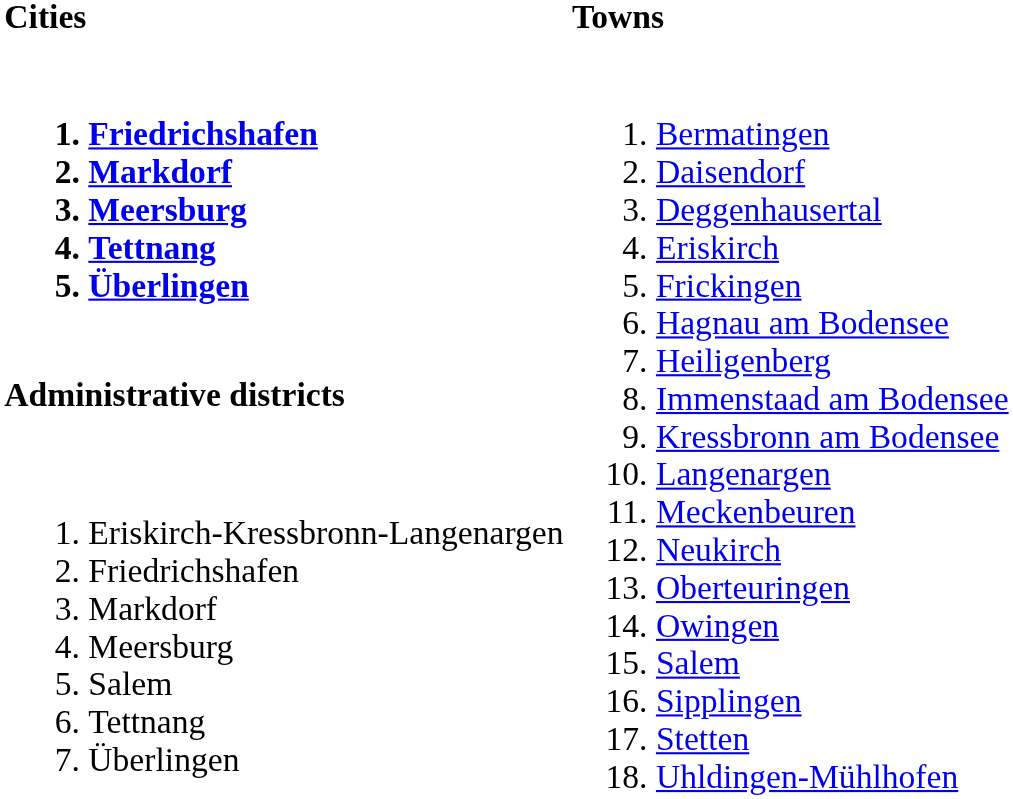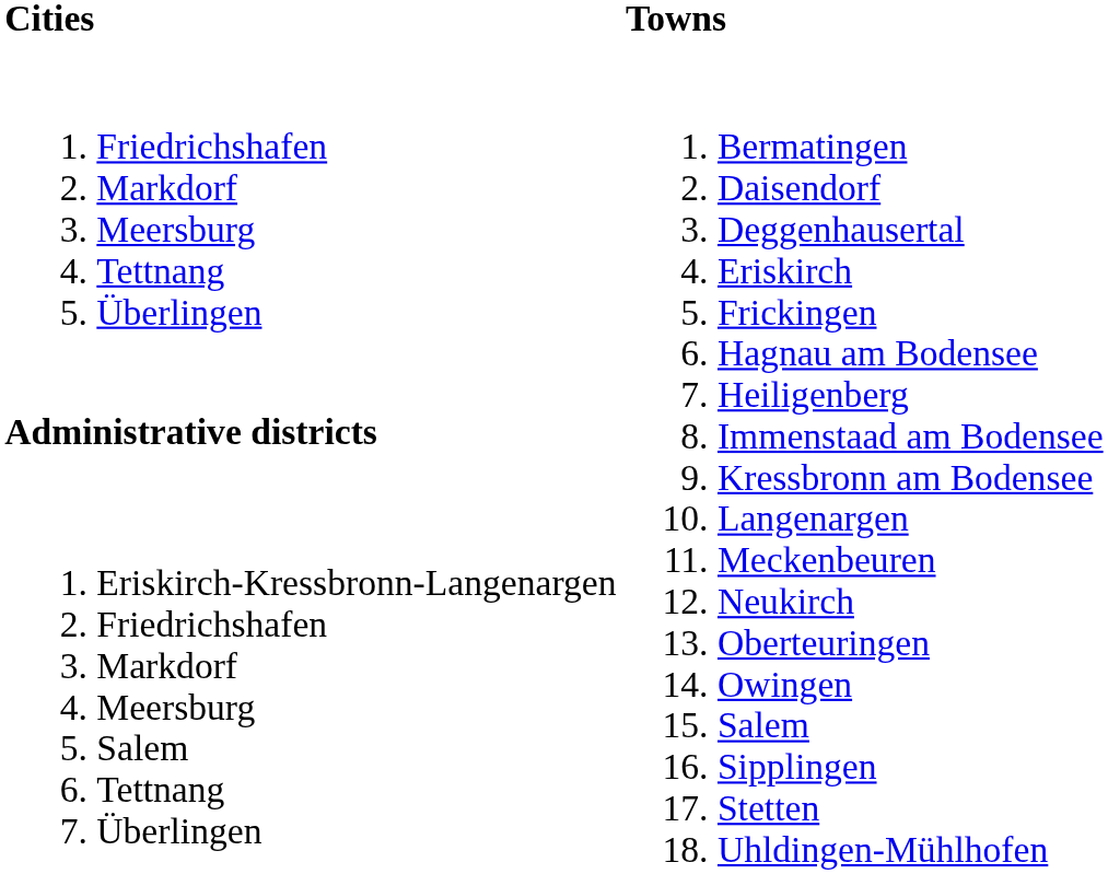 <table>
 <tr>
 <th width=50% align=left>Cities</th>
 <th width=50% align=left>Towns</th>
 </tr>
 <tr valign=top>
-<td><strong><br><ol><li><a href='#'>Friedrichshafen</a></li><li><a href='#'>Markdorf</a></li><li><a href='#'>Meersburg</a></li><li><a href='#'>Tettnang</a></li><li><a href='#'>Überlingen</a></li></ol></strong></td>
+<td><br><ol><li><a href='#'>Friedrichshafen</a></li><li><a href='#'>Markdorf</a></li><li><a href='#'>Meersburg</a></li><li><a href='#'>Tettnang</a></li><li><a href='#'>Überlingen</a></li></ol></td>
 <td rowspan=3><br><ol><li><a href='#'>Bermatingen</a></li><li><a href='#'>Daisendorf</a></li><li><a href='#'>Deggenhausertal</a></li><li><a href='#'>Eriskirch</a></li><li><a href='#'>Frickingen</a></li><li><a href='#'>Hagnau am Bodensee</a></li><li><a href='#'>Heiligenberg</a></li><li><a href='#'>Immenstaad am Bodensee</a></li><li><a href='#'>Kressbronn am Bodensee</a></li><li><a href='#'>Langenargen</a></li><li><a href='#'>Meckenbeuren</a></li><li><a href='#'>Neukirch</a></li><li><a href='#'>Oberteuringen</a></li><li><a href='#'>Owingen</a></li><li><a href='#'>Salem</a></li><li><a href='#'>Sipplingen</a></li><li><a href='#'>Stetten</a></li><li><a href='#'>Uhldingen-Mühlhofen</a></li></ol></td>
 </tr>
 <tr>
 <th align=left><strong>Administrative districts</strong></th>
 </tr>
 <tr>
 <td><br><ol><li>Eriskirch-Kressbronn-Langenargen</li><li>Friedrichshafen</li><li>Markdorf</li><li>Meersburg</li><li>Salem</li><li>Tettnang</li><li>Überlingen</li></ol></td>
 </tr>
 </table>
